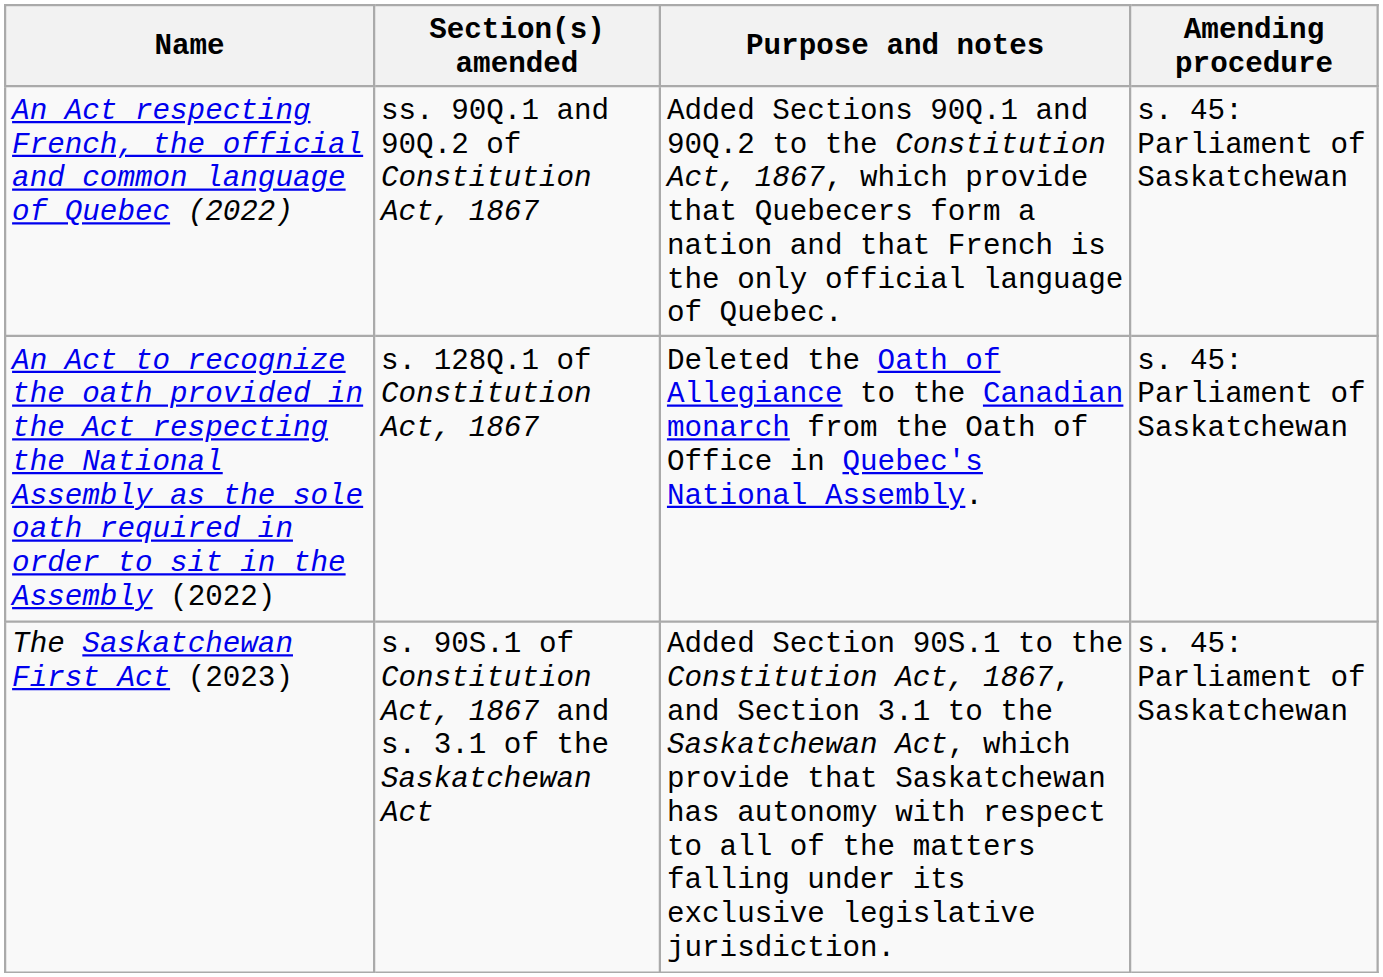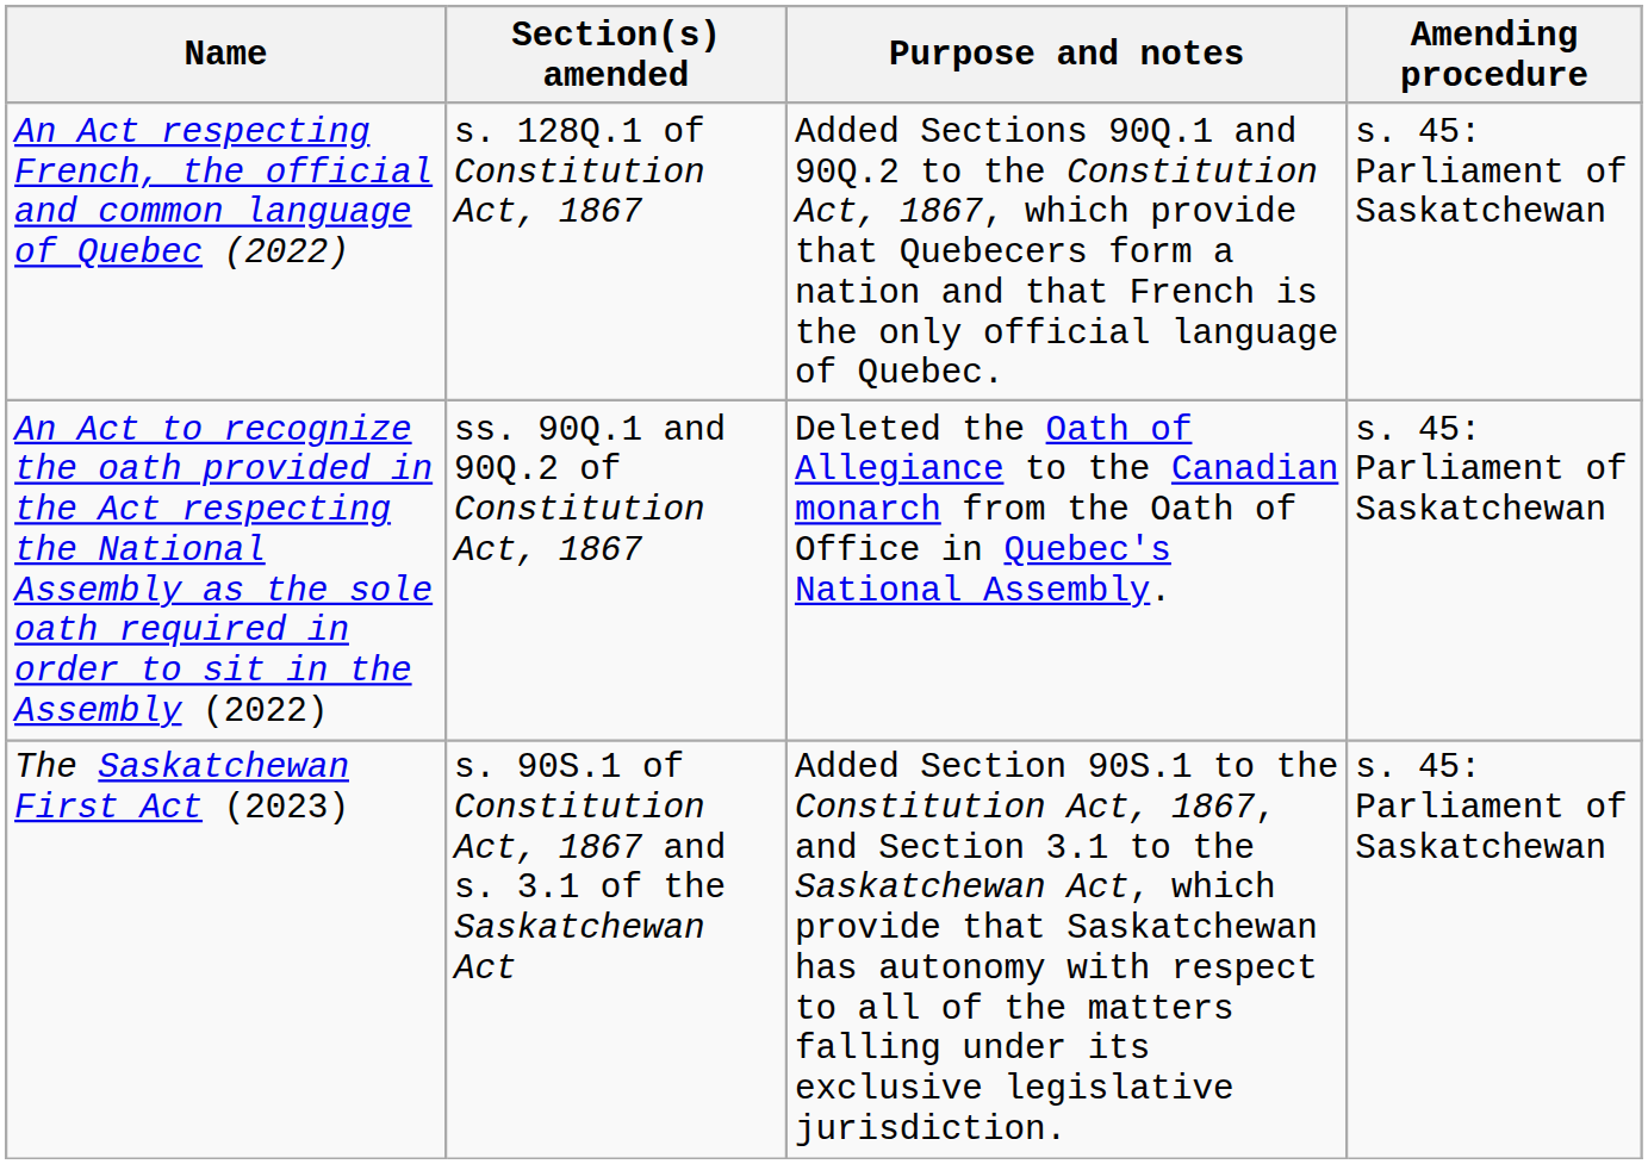 <table class="wikitable" border="1">
 <tr>
 <th>Name</th>
 <th>Section(s) amended</th>
 <th>Purpose and notes</th>
 <th>Amending procedure</th>
 </tr>
 <tr valign="top">
 <td><em><a href='#'>An Act respecting French, the official and common language of Quebec</a> (2022)</em></td>
-<td>ss. 90Q.1 and 90Q.2 of <em>Constitution Act, 1867</em></td>
+<td>s. 128Q.1 of <em>Constitution Act, 1867</em></td>
 <td>Added Sections 90Q.1 and 90Q.2 to the <em>Constitution Act, 1867</em>, which provide that Quebecers form a nation and that French is the only official language of Quebec.</td>
 <td>s. 45: Parliament of Saskatchewan</td>
 </tr>
 <tr valign="top">
 <td><em><a href='#'>An Act to recognize the oath provided in the Act respecting the National Assembly as the sole oath required in order to sit in the Assembly</a></em> (2022)</td>
-<td>s. 128Q.1 of <em>Constitution Act, 1867</em></td>
+<td>ss. 90Q.1 and 90Q.2 of <em>Constitution Act, 1867</em></td>
 <td>Deleted the <a href='#'>Oath of Allegiance</a> to the <a href='#'>Canadian monarch</a> from the Oath of Office in <a href='#'>Quebec's National Assembly</a>.</td>
 <td>s. 45: Parliament of Saskatchewan</td>
 </tr>
 <tr valign="top">
 <td><em>The <a href='#'>Saskatchewan First Act</a></em> (2023)</td>
 <td>s. 90S.1 of <em>Constitution Act, 1867</em> and s. 3.1 of the <em>Saskatchewan Act</em></td>
 <td>Added Section 90S.1 to the <em>Constitution Act, 1867</em>, and Section 3.1 to the <em>Saskatchewan Act</em>, which provide that Saskatchewan has autonomy with respect to all of the matters falling under its exclusive legislative jurisdiction.</td>
 <td>s. 45: Parliament of Saskatchewan</td>
 </tr>
 </table>
